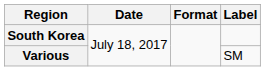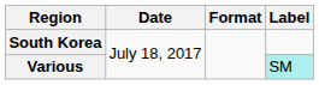 <table class="wikitable plainrowheaders">
 <tr>
 <th>Region</th>
 <th>Date</th>
 <th>Format</th>
 <th>Label</th>
 </tr>
 <tr>
 <th scope="row">South Korea</th>
 <td rowspan="2">July 18, 2017</td>
 <td rowspan="2"></td>
 <td></td>
 </tr>
 <tr>
 <th scope="row">Various</th>
-<td>SM</td>
+<td style="background: paleturquoise;">SM</td>
 </tr>
 </table>
